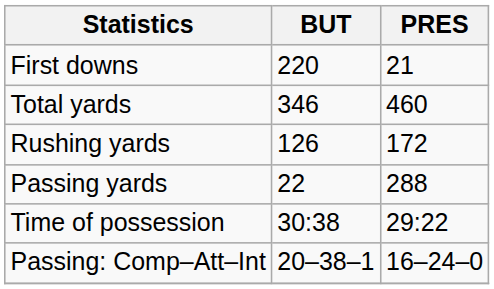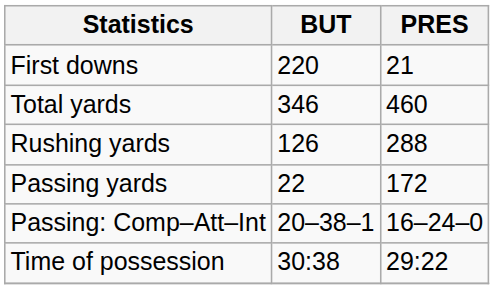 <table class="wikitable" style="float: left;">
 <tr>
 <th>Statistics</th>
 <th>BUT</th>
 <th>PRES</th>
 </tr>
 <tr>
 <td>First downs</td>
 <td>220</td>
 <td>21</td>
 </tr>
 <tr>
 <td>Total yards</td>
 <td>346</td>
 <td>460</td>
 </tr>
 <tr>
 <td>Rushing yards</td>
 <td>126</td>
-<td>172</td>
+<td>288</td>
 </tr>
 <tr>
 <td>Passing yards</td>
 <td>22</td>
-<td>288</td>
+<td>172</td>
+</tr>
+<tr>
+<td>Passing: Comp–Att–Int</td>
+<td>20–38–1</td>
+<td>16–24–0</td>
 </tr>
 <tr>
 <td>Time of possession</td>
 <td>30:38</td>
 <td>29:22</td>
 </tr>
 <tr>
-<td>Passing: Comp–Att–Int</td>
-<td>20–38–1</td>
-<td>16–24–0</td>
-</tr>
-<tr>
 </tr>
 </table>
